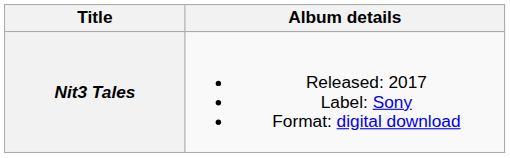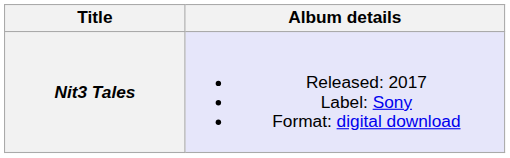 <table class="wikitable plainrowheaders" style="text-align:center;">
 <tr>
 <th scope="col" style="width:10em;">Title</th>
 <th scope="col" style="width:18em;">Album details</th>
 </tr>
 <tr>
 <th scope="row"><em>Nit3 Tales</em></th>
-<td><br><ul><li>Released: 2017</li><li>Label: <a href='#'>Sony</a></li><li>Format: <a href='#'>digital download</a></li></ul></td>
+<td style="background: lavender;"><br><ul><li>Released: 2017</li><li>Label: <a href='#'>Sony</a></li><li>Format: <a href='#'>digital download</a></li></ul></td>
 </tr>
 </table>
